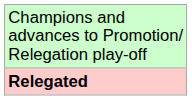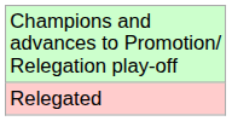 <table class="wikitable">
 <tr style="width:10px; background:#cfc;">
 <td>Champions and <br> advances to Promotion/<br> Relegation play-off</td>
 </tr>
 <tr style="width:10px; background:#fcc;">
-<td><strong>Relegated</strong></td>
+<td>Relegated</td>
 </tr>
 </table>
